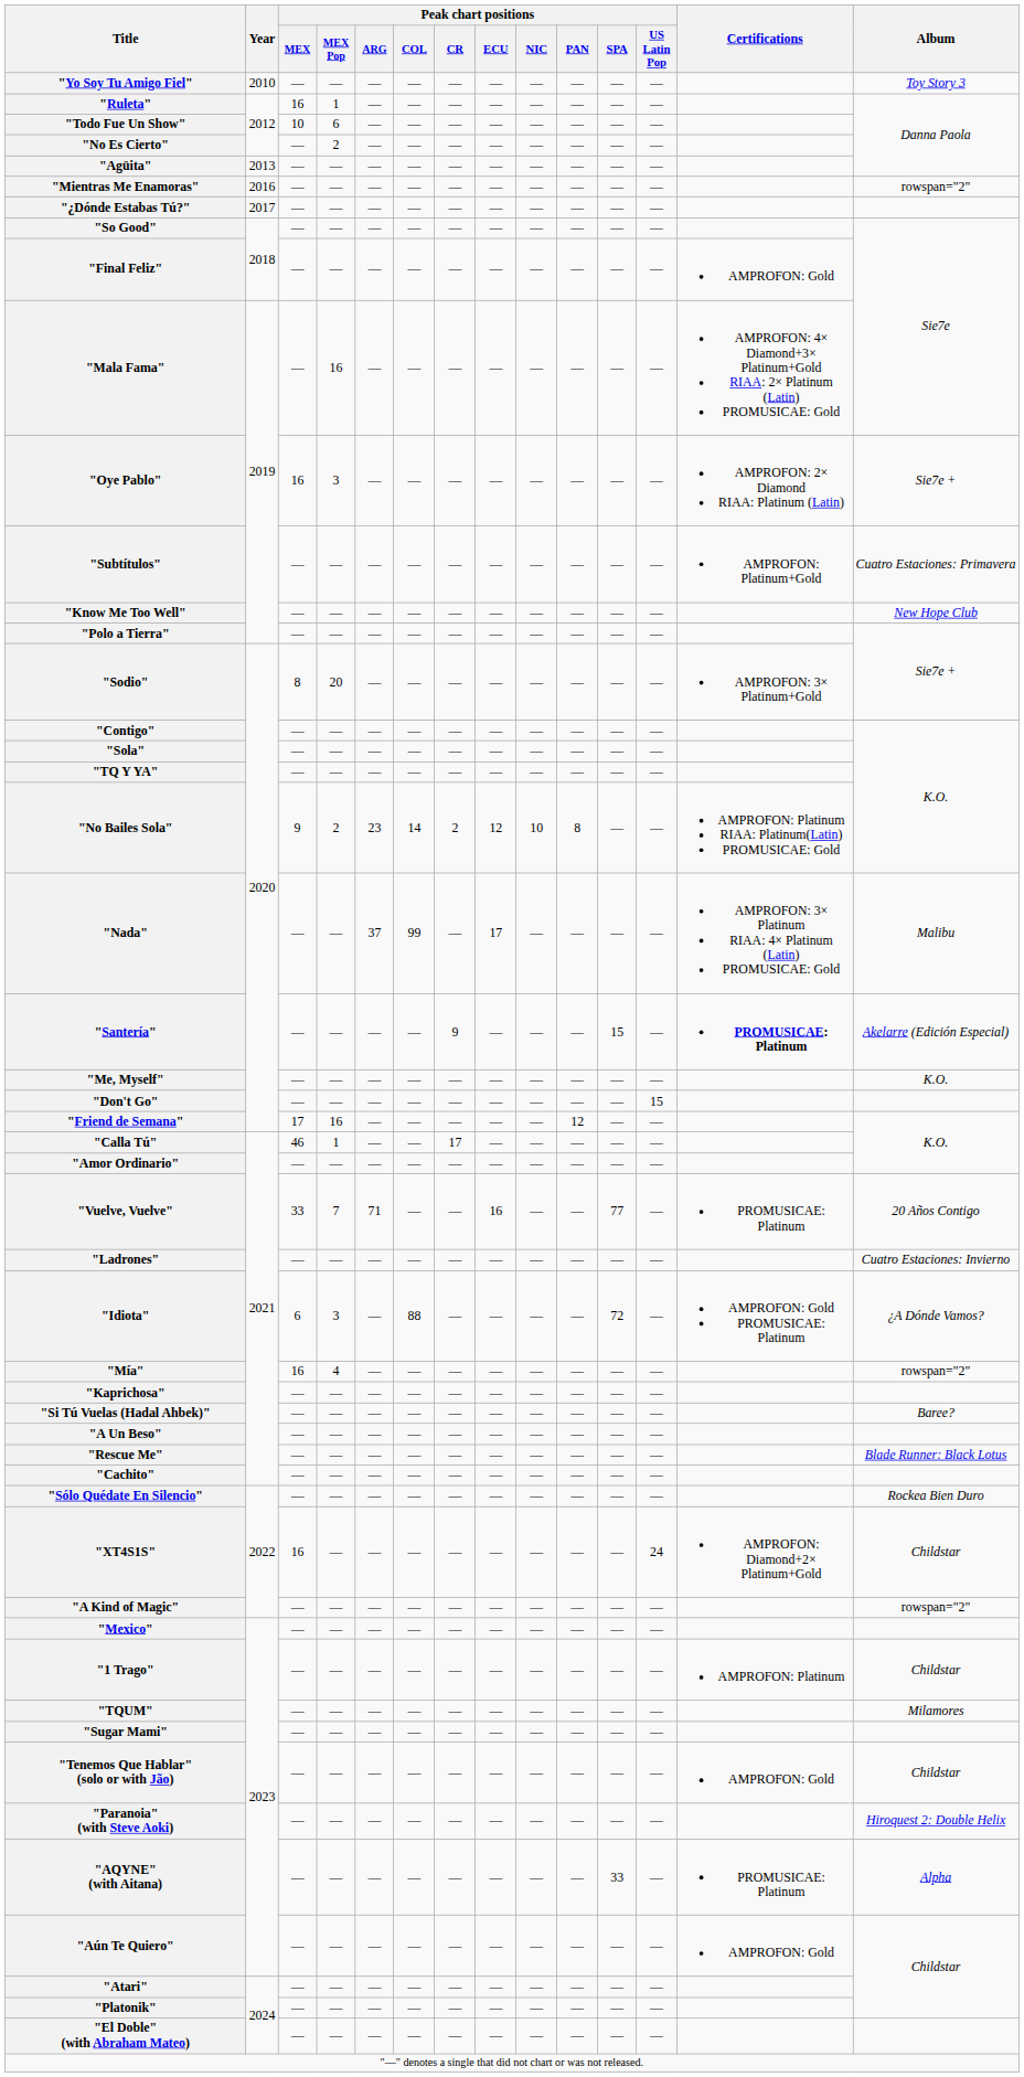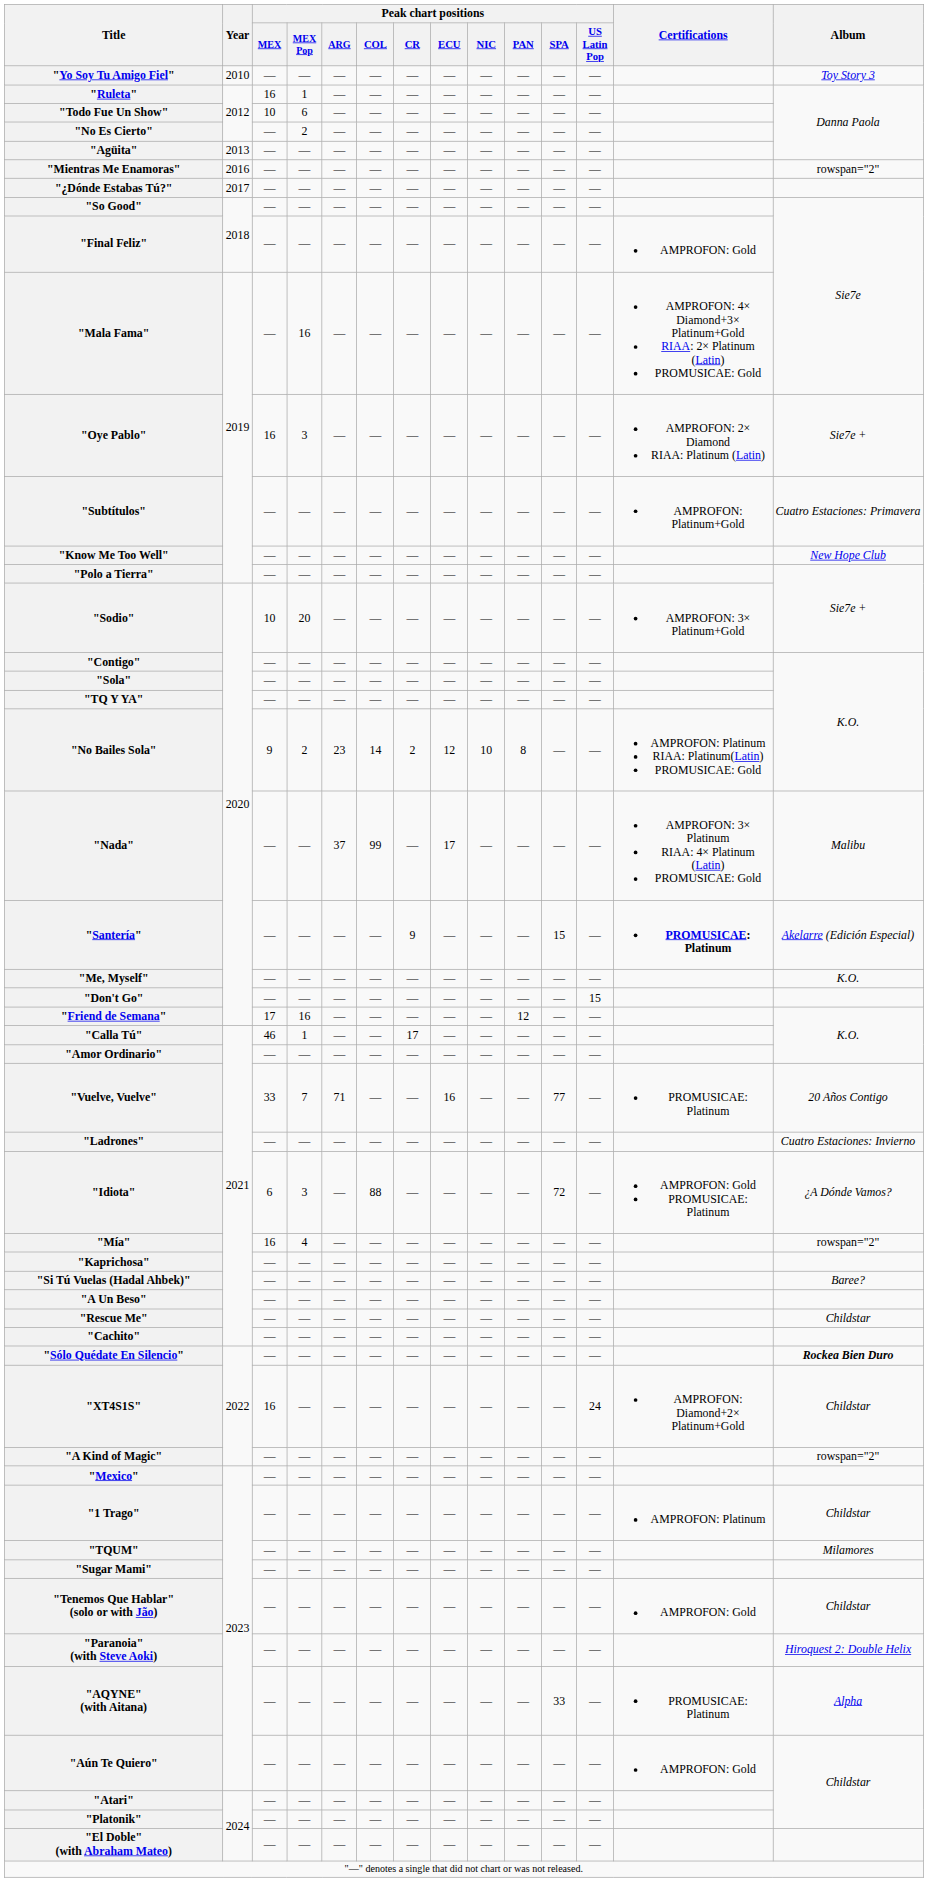 <table class="wikitable plainrowheaders" style="text-align:center;">
 <tr>
 <th scope="col" rowspan="2" style="width:18em;">Title</th>
 <th scope="col" rowspan="2" style="width:1em;">Year</th>
 <th colspan="10" scope="col">Peak chart positions</th>
 <th scope="col" rowspan="2" style="width:13em;"><a href='#'>Certifications</a></th>
 <th scope="col" rowspan="2">Album</th>
 </tr>
 <tr>
 <th scope="col" style="width:3em;font-size:85%;"><a href='#'>MEX</a><br></th>
 <th scope="col" style="width:3em;font-size:85%;"><a href='#'>MEX<br>Pop</a><br></th>
 <th scope="col" style="width:3em;font-size:85%;"><a href='#'>ARG</a><br></th>
 <th scope="col" style="width:3em;font-size:90%;"><a href='#'>COL</a><br></th>
 <th scope="col" style="width:3em;font-size:90%;"><a href='#'>CR</a><br></th>
 <th scope="col" style="width:3em;font-size:90%;"><a href='#'>ECU</a><br></th>
 <th scope="col" style="width:3em;font-size:90%;"><a href='#'>NIC</a><br></th>
 <th scope="col" style="width:3em;font-size:90%;"><a href='#'>PAN</a><br></th>
 <th scope="col" style="width:2.8em;font-size:90%;"><a href='#'>SPA</a><br></th>
 <th scope="col" style="width:3em;font-size:90%;"><a href='#'>US<br>Latin<br>Pop</a><br></th>
 </tr>
 <tr>
 <th scope="row">"<a href='#'>Yo Soy Tu Amigo Fiel</a>"<br></th>
 <td rowspan="1">2010</td>
 <td>—</td>
 <td>—</td>
 <td>—</td>
 <td>—</td>
 <td>—</td>
 <td>—</td>
 <td>—</td>
 <td>—</td>
 <td>—</td>
 <td>—</td>
 <td></td>
 <td><em><a href='#'>Toy Story 3</a></em></td>
 </tr>
 <tr>
 <th scope="row">"<a href='#'>Ruleta</a>"</th>
 <td rowspan="3">2012</td>
 <td>16</td>
 <td>1</td>
 <td>—</td>
 <td>—</td>
 <td>—</td>
 <td>—</td>
 <td>—</td>
 <td>—</td>
 <td>—</td>
 <td>—</td>
 <td></td>
 <td rowspan="4"><em>Danna Paola</em></td>
 </tr>
 <tr>
 <th scope="row">"Todo Fue Un Show"</th>
 <td>10</td>
 <td>6</td>
 <td>—</td>
 <td>—</td>
 <td>—</td>
 <td>—</td>
 <td>—</td>
 <td>—</td>
 <td>—</td>
 <td>—</td>
 <td></td>
 </tr>
 <tr>
 <th scope="row">"No Es Cierto"<br></th>
 <td>—</td>
 <td>2</td>
 <td>—</td>
 <td>—</td>
 <td>—</td>
 <td>—</td>
 <td>—</td>
 <td>—</td>
 <td>—</td>
 <td>—</td>
 <td></td>
 </tr>
 <tr>
 <th scope="row">"Agüita"</th>
 <td rowspan="1">2013</td>
 <td>—</td>
 <td>—</td>
 <td>—</td>
 <td>—</td>
 <td>—</td>
 <td>—</td>
 <td>—</td>
 <td>—</td>
 <td>—</td>
 <td>—</td>
 <td></td>
 </tr>
 <tr>
 <th scope="row">"Mientras Me Enamoras"<br></th>
 <td rowspan="1">2016</td>
 <td>—</td>
 <td>—</td>
 <td>—</td>
 <td>—</td>
 <td>—</td>
 <td>—</td>
 <td>—</td>
 <td>—</td>
 <td>—</td>
 <td>—</td>
 <td></td>
 <td>rowspan="2" </td>
 </tr>
 <tr>
 <th scope="row">"¿Dónde Estabas Tú?"</th>
 <td rowspan="1">2017</td>
 <td>—</td>
 <td>—</td>
 <td>—</td>
 <td>—</td>
 <td>—</td>
 <td>—</td>
 <td>—</td>
 <td>—</td>
 <td>—</td>
 <td>—</td>
 <td></td>
 </tr>
 <tr>
 <th scope="row">"So Good"<br></th>
 <td rowspan="2">2018</td>
 <td>—</td>
 <td>—</td>
 <td>—</td>
 <td>—</td>
 <td>—</td>
 <td>—</td>
 <td>—</td>
 <td>—</td>
 <td>—</td>
 <td>—</td>
 <td></td>
 <td rowspan="3"><em>Sie7e</em></td>
 </tr>
 <tr>
 <th scope="row">"Final Feliz"</th>
 <td>—</td>
 <td>—</td>
 <td>—</td>
 <td>—</td>
 <td>—</td>
 <td>—</td>
 <td>—</td>
 <td>—</td>
 <td>—</td>
 <td>—</td>
 <td><br><ul><li>AMPROFON: Gold</li></ul></td>
 </tr>
 <tr>
 <th scope="row">"Mala Fama"<br></th>
 <td rowspan="5">2019</td>
 <td>—</td>
 <td>16</td>
 <td>—</td>
 <td>—</td>
 <td>—</td>
 <td>—</td>
 <td>—</td>
 <td>—</td>
 <td>—</td>
 <td>—</td>
 <td><br><ul><li>AMPROFON: 4× Diamond+3× Platinum+Gold</li><li><a href='#'>RIAA</a>: 2× Platinum <span>(<a href='#'>Latin</a>)</span></li><li>PROMUSICAE: Gold</li></ul></td>
 </tr>
 <tr>
 <th scope="row">"Oye Pablo"</th>
 <td>16</td>
 <td>3</td>
 <td>—</td>
 <td>—</td>
 <td>—</td>
 <td>—</td>
 <td>—</td>
 <td>—</td>
 <td>—</td>
 <td>—</td>
 <td><br><ul><li>AMPROFON: 2× Diamond</li><li>RIAA: Platinum <span>(<a href='#'>Latin</a>)</span></li></ul></td>
 <td><em>Sie7e +</em></td>
 </tr>
 <tr>
 <th scope="row">"Subtítulos"<br></th>
 <td>—</td>
 <td>—</td>
 <td>—</td>
 <td>—</td>
 <td>—</td>
 <td>—</td>
 <td>—</td>
 <td>—</td>
 <td>—</td>
 <td>—</td>
 <td><br><ul><li>AMPROFON: Platinum+Gold</li></ul></td>
 <td><em>Cuatro Estaciones: Primavera</em></td>
 </tr>
 <tr>
 <th scope="row">"Know Me Too Well"<br></th>
 <td>—</td>
 <td>—</td>
 <td>—</td>
 <td>—</td>
 <td>—</td>
 <td>—</td>
 <td>—</td>
 <td>—</td>
 <td>—</td>
 <td>—</td>
 <td></td>
 <td><em><a href='#'>New Hope Club</a></em></td>
 </tr>
 <tr>
 <th scope="row">"Polo a Tierra"<br></th>
 <td>—</td>
 <td>—</td>
 <td>—</td>
 <td>—</td>
 <td>—</td>
 <td>—</td>
 <td>—</td>
 <td>—</td>
 <td>—</td>
 <td>—</td>
 <td></td>
 <td rowspan="2"><em>Sie7e +</em></td>
 </tr>
 <tr>
 <th scope="row">"Sodio"</th>
 <td rowspan="10">2020</td>
-<td>8</td>
+<td>10</td>
 <td>20</td>
 <td>—</td>
 <td>—</td>
 <td>—</td>
 <td>—</td>
 <td>—</td>
 <td>—</td>
 <td>—</td>
 <td>—</td>
 <td><br><ul><li>AMPROFON: 3× Platinum+Gold</li></ul></td>
 </tr>
 <tr>
 <th scope="row">"Contigo"</th>
 <td>—</td>
 <td>—</td>
 <td>—</td>
 <td>—</td>
 <td>—</td>
 <td>—</td>
 <td>—</td>
 <td>—</td>
 <td>—</td>
 <td>—</td>
 <td></td>
 <td rowspan="4"><em>K.O.</em></td>
 </tr>
 <tr>
 <th scope="row">"Sola"</th>
 <td>—</td>
 <td>—</td>
 <td>—</td>
 <td>—</td>
 <td>—</td>
 <td>—</td>
 <td>—</td>
 <td>—</td>
 <td>—</td>
 <td>—</td>
 <td></td>
 </tr>
 <tr>
 <th scope="row">"TQ Y YA"</th>
 <td>—</td>
 <td>—</td>
 <td>—</td>
 <td>—</td>
 <td>—</td>
 <td>—</td>
 <td>—</td>
 <td>—</td>
 <td>—</td>
 <td>—</td>
 <td></td>
 </tr>
 <tr>
 <th scope="row">"No Bailes Sola"<br></th>
 <td>9</td>
 <td>2</td>
 <td>23</td>
 <td>14</td>
 <td>2</td>
 <td>12</td>
 <td>10</td>
 <td>8</td>
 <td>—</td>
 <td>—</td>
 <td><br><ul><li>AMPROFON: Platinum</li><li>RIAA: Platinum<span>(<a href='#'>Latin</a>)</span></li><li>PROMUSICAE: Gold</li></ul></td>
 </tr>
 <tr>
 <th scope="row">"Nada"<br></th>
 <td>—</td>
 <td>—</td>
 <td>37</td>
 <td>99</td>
 <td>—</td>
 <td>17</td>
 <td>—</td>
 <td>—</td>
 <td>—</td>
 <td>—</td>
 <td><br><ul><li>AMPROFON: 3× Platinum</li><li>RIAA: 4× Platinum <span>(<a href='#'>Latin</a>)</span></li><li>PROMUSICAE: Gold</li></ul></td>
 <td><em>Malibu</em></td>
 </tr>
 <tr>
 <th scope="row">"<a href='#'>Santería</a>"<br></th>
 <td>—</td>
 <td>—</td>
 <td>—</td>
 <td>—</td>
 <td>9</td>
 <td>—</td>
 <td>—</td>
 <td>—</td>
 <td>15</td>
 <td>—</td>
 <td><strong><br><ul><li><a href='#'>PROMUSICAE</a>: Platinum</li></ul></strong></td>
 <td><em><a href='#'>Akelarre</a> (Edición Especial)</em></td>
 </tr>
 <tr>
 <th scope="row">"Me, Myself"<br></th>
 <td>—</td>
 <td>—</td>
 <td>—</td>
 <td>—</td>
 <td>—</td>
 <td>—</td>
 <td>—</td>
 <td>—</td>
 <td>—</td>
 <td>—</td>
 <td></td>
 <td><em>K.O.</em></td>
 </tr>
 <tr>
 <th scope="row">"Don't Go"<br></th>
 <td>—</td>
 <td>—</td>
 <td>—</td>
 <td>—</td>
 <td>—</td>
 <td>—</td>
 <td>—</td>
 <td>—</td>
 <td>—</td>
 <td>15</td>
 <td></td>
 <td></td>
 </tr>
 <tr>
 <th scope="row">"<a href='#'>Friend de Semana</a>"<br></th>
 <td>17</td>
 <td>16</td>
 <td>—</td>
 <td>—</td>
 <td>—</td>
 <td>—</td>
 <td>—</td>
 <td>12</td>
 <td>—</td>
 <td>—</td>
 <td></td>
 <td rowspan="3"><em>K.O.</em></td>
 </tr>
 <tr>
 <th scope="row">"Calla Tú"</th>
 <td rowspan="11">2021</td>
 <td>46</td>
 <td>1</td>
 <td>—</td>
 <td>—</td>
 <td>17</td>
 <td>—</td>
 <td>—</td>
 <td>—</td>
 <td>—</td>
 <td>—</td>
 <td></td>
 </tr>
 <tr>
 <th scope="row">"Amor Ordinario"</th>
 <td>—</td>
 <td>—</td>
 <td>—</td>
 <td>—</td>
 <td>—</td>
 <td>—</td>
 <td>—</td>
 <td>—</td>
 <td>—</td>
 <td>—</td>
 <td></td>
 </tr>
 <tr>
 <th scope="row">"Vuelve, Vuelve"<br></th>
 <td>33</td>
 <td>7</td>
 <td>71</td>
 <td>—</td>
 <td>—</td>
 <td>16</td>
 <td>—</td>
 <td>—</td>
 <td>77</td>
 <td>—</td>
 <td><br><ul><li>PROMUSICAE: Platinum</li></ul></td>
 <td><em>20 Años Contigo</em></td>
 </tr>
 <tr>
 <th scope="row">"Ladrones"<br></th>
 <td>—</td>
 <td>—</td>
 <td>—</td>
 <td>—</td>
 <td>—</td>
 <td>—</td>
 <td>—</td>
 <td>—</td>
 <td>—</td>
 <td>—</td>
 <td></td>
 <td><em>Cuatro Estaciones: Invierno</em></td>
 </tr>
 <tr>
 <th scope="row">"Idiota"<br></th>
 <td>6</td>
 <td>3</td>
 <td>—</td>
 <td>88</td>
 <td>—</td>
 <td>—</td>
 <td>—</td>
 <td>—</td>
 <td>72</td>
 <td>—</td>
 <td><br><ul><li>AMPROFON: Gold</li><li>PROMUSICAE: Platinum</li></ul></td>
 <td><em>¿A Dónde Vamos?</em></td>
 </tr>
 <tr>
 <th scope="row">"Mía"</th>
 <td>16</td>
 <td>4</td>
 <td>—</td>
 <td>—</td>
 <td>—</td>
 <td>—</td>
 <td>—</td>
 <td>—</td>
 <td>—</td>
 <td>—</td>
 <td></td>
 <td>rowspan="2" </td>
 </tr>
 <tr>
 <th scope="row">"Kaprichosa"</th>
 <td>—</td>
 <td>—</td>
 <td>—</td>
 <td>—</td>
 <td>—</td>
 <td>—</td>
 <td>—</td>
 <td>—</td>
 <td>—</td>
 <td>—</td>
 <td></td>
 </tr>
 <tr>
 <th scope="row">"Si Tú Vuelas (Hadal Ahbek)"  <br></th>
 <td>—</td>
 <td>—</td>
 <td>—</td>
 <td>—</td>
 <td>—</td>
 <td>—</td>
 <td>—</td>
 <td>—</td>
 <td>—</td>
 <td>—</td>
 <td></td>
 <td><em>Baree?</em></td>
 </tr>
 <tr>
 <th scope="row">"A Un Beso"</th>
 <td>—</td>
 <td>—</td>
 <td>—</td>
 <td>—</td>
 <td>—</td>
 <td>—</td>
 <td>—</td>
 <td>—</td>
 <td>—</td>
 <td>—</td>
 <td></td>
 <td></td>
 </tr>
 <tr>
 <th scope="row">"Rescue Me"<br></th>
 <td>—</td>
 <td>—</td>
 <td>—</td>
 <td>—</td>
 <td>—</td>
 <td>—</td>
 <td>—</td>
 <td>—</td>
 <td>—</td>
 <td>—</td>
 <td></td>
-<td><em><a href='#'>Blade Runner: Black Lotus</a></em></td>
+<td><em>Childstar</em></td>
 </tr>
 <tr>
 <th scope="row">"Cachito"<br></th>
 <td>—</td>
 <td>—</td>
 <td>—</td>
 <td>—</td>
 <td>—</td>
 <td>—</td>
 <td>—</td>
 <td>—</td>
 <td>—</td>
 <td>—</td>
 <td></td>
 <td></td>
 </tr>
 <tr>
 <th scope="row">"<a href='#'>Sólo Quédate En Silencio</a>"<br></th>
 <td rowspan="3">2022</td>
 <td>—</td>
 <td>—</td>
 <td>—</td>
 <td>—</td>
 <td>—</td>
 <td>—</td>
 <td>—</td>
 <td>—</td>
 <td>—</td>
 <td>—</td>
 <td></td>
-<td><em>Rockea Bien Duro</em></td>
+<td><strong><em>Rockea Bien Duro</em></strong></td>
 </tr>
 <tr>
 <th scope="row">"XT4S1S"</th>
 <td>16</td>
 <td>—</td>
 <td>—</td>
 <td>—</td>
 <td>—</td>
 <td>—</td>
 <td>—</td>
 <td>—</td>
 <td>—</td>
 <td>24</td>
 <td><br><ul><li>AMPROFON: Diamond+2× Platinum+Gold</li></ul></td>
 <td><em>Childstar</em></td>
 </tr>
 <tr>
 <th scope="row">"A Kind of Magic"  <br></th>
 <td>—</td>
 <td>—</td>
 <td>—</td>
 <td>—</td>
 <td>—</td>
 <td>—</td>
 <td>—</td>
 <td>—</td>
 <td>—</td>
 <td>—</td>
 <td></td>
 <td>rowspan="2" </td>
 </tr>
 <tr>
 <th scope="row">"<a href='#'>Mexico</a>"<br></th>
 <td rowspan="8">2023</td>
 <td>—</td>
 <td>—</td>
 <td>—</td>
 <td>—</td>
 <td>—</td>
 <td>—</td>
 <td>—</td>
 <td>—</td>
 <td>—</td>
 <td>—</td>
 <td></td>
 </tr>
 <tr>
 <th scope="row">"1 Trago"</th>
 <td>—</td>
 <td>—</td>
 <td>—</td>
 <td>—</td>
 <td>—</td>
 <td>—</td>
 <td>—</td>
 <td>—</td>
 <td>—</td>
 <td>—</td>
 <td><br><ul><li>AMPROFON: Platinum</li></ul></td>
 <td><em>Childstar</em></td>
 </tr>
 <tr>
 <th scope="row">"TQUM"<br></th>
 <td>—</td>
 <td>—</td>
 <td>—</td>
 <td>—</td>
 <td>—</td>
 <td>—</td>
 <td>—</td>
 <td>—</td>
 <td>—</td>
 <td>—</td>
 <td></td>
 <td><em>Milamores</em></td>
 </tr>
 <tr>
 <th scope="row">"Sugar Mami"<br></th>
 <td>—</td>
 <td>—</td>
 <td>—</td>
 <td>—</td>
 <td>—</td>
 <td>—</td>
 <td>—</td>
 <td>—</td>
 <td>—</td>
 <td>—</td>
 <td></td>
 <td></td>
 </tr>
 <tr>
 <th scope="row">"Tenemos Que Hablar"<br><span>(solo or with <a href='#'>Jão</a></span>)</th>
 <td>—</td>
 <td>—</td>
 <td>—</td>
 <td>—</td>
 <td>—</td>
 <td>—</td>
 <td>—</td>
 <td>—</td>
 <td>—</td>
 <td>—</td>
 <td><br><ul><li>AMPROFON: Gold</li></ul></td>
 <td><em>Childstar</em></td>
 </tr>
 <tr>
 <th scope="row">"Paranoia"<br><span>(with <a href='#'>Steve Aoki</a>)</span></th>
 <td>—</td>
 <td>—</td>
 <td>—</td>
 <td>—</td>
 <td>—</td>
 <td>—</td>
 <td>—</td>
 <td>—</td>
 <td>—</td>
 <td>—</td>
 <td></td>
 <td><em><a href='#'>Hiroquest 2: Double Helix</a></em></td>
 </tr>
 <tr>
 <th scope="row">"AQYNE"<br><span>(with Aitana)</span></th>
 <td>—</td>
 <td>—</td>
 <td>—</td>
 <td>—</td>
 <td>—</td>
 <td>—</td>
 <td>—</td>
 <td>—</td>
 <td>33</td>
 <td>—</td>
 <td><br><ul><li>PROMUSICAE: Platinum</li></ul></td>
 <td><em><a href='#'>Alpha</a></em></td>
 </tr>
 <tr>
 <th scope="row">"Aún Te Quiero"</th>
 <td>—</td>
 <td>—</td>
 <td>—</td>
 <td>—</td>
 <td>—</td>
 <td>—</td>
 <td>—</td>
 <td>—</td>
 <td>—</td>
 <td>—</td>
 <td><br><ul><li>AMPROFON: Gold</li></ul></td>
 <td rowspan="3"><em>Childstar</em></td>
 </tr>
 <tr>
 <th scope="row">"Atari"</th>
 <td rowspan="3">2024</td>
 <td>—</td>
 <td>—</td>
 <td>—</td>
 <td>—</td>
 <td>—</td>
 <td>—</td>
 <td>—</td>
 <td>—</td>
 <td>—</td>
 <td>—</td>
 <td></td>
 </tr>
 <tr>
 <th scope="row">"Platonik"</th>
 <td>—</td>
 <td>—</td>
 <td>—</td>
 <td>—</td>
 <td>—</td>
 <td>—</td>
 <td>—</td>
 <td>—</td>
 <td>—</td>
 <td>—</td>
 <td></td>
 </tr>
 <tr>
 <th scope="row">"El Doble"<br><span>(with <a href='#'>Abraham Mateo</a>)</span></th>
 <td>—</td>
 <td>—</td>
 <td>—</td>
 <td>—</td>
 <td>—</td>
 <td>—</td>
 <td>—</td>
 <td>—</td>
 <td>—</td>
 <td>—</td>
 <td></td>
 <td></td>
 </tr>
 <tr>
 <td style="font-size:85%;" colspan="22">"—" denotes a single that did not chart or was not released.</td>
 </tr>
 </table>
